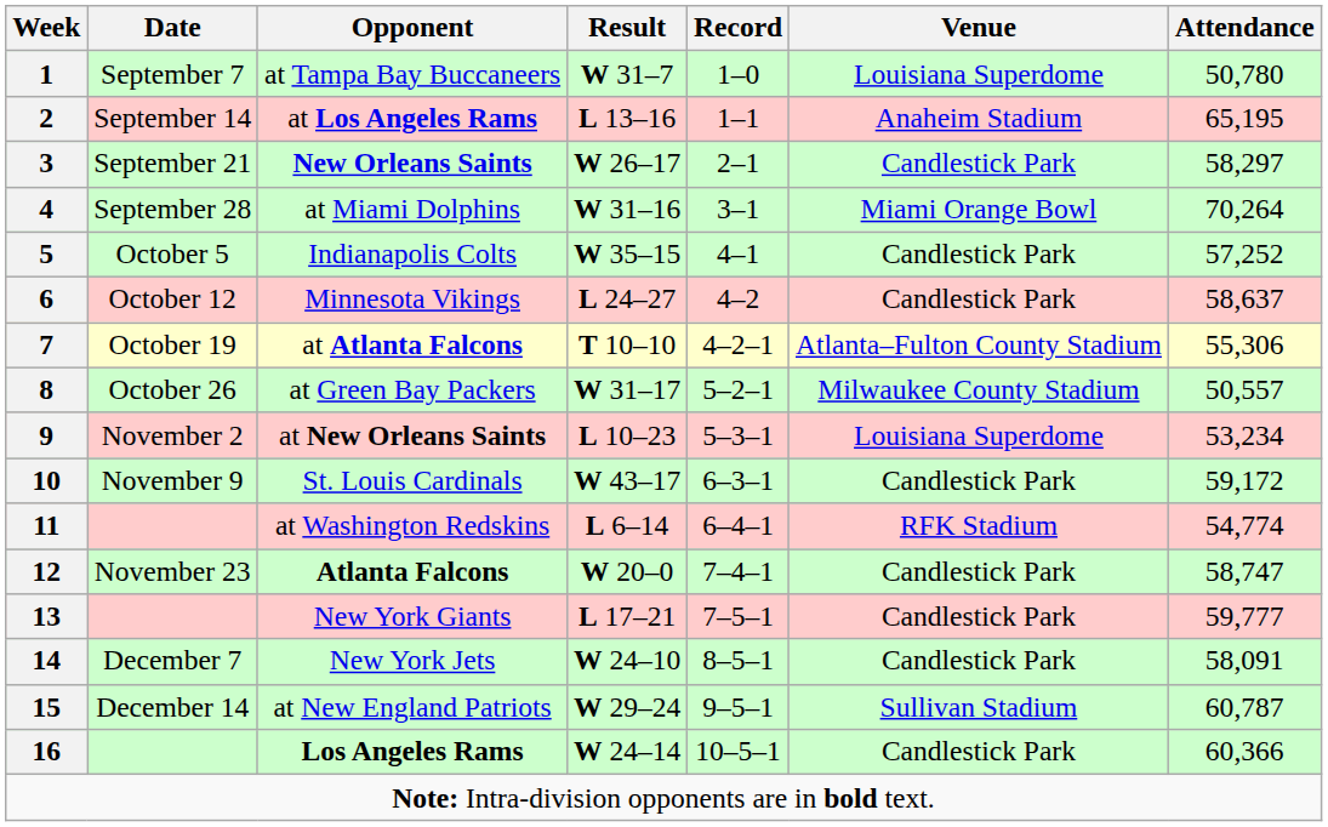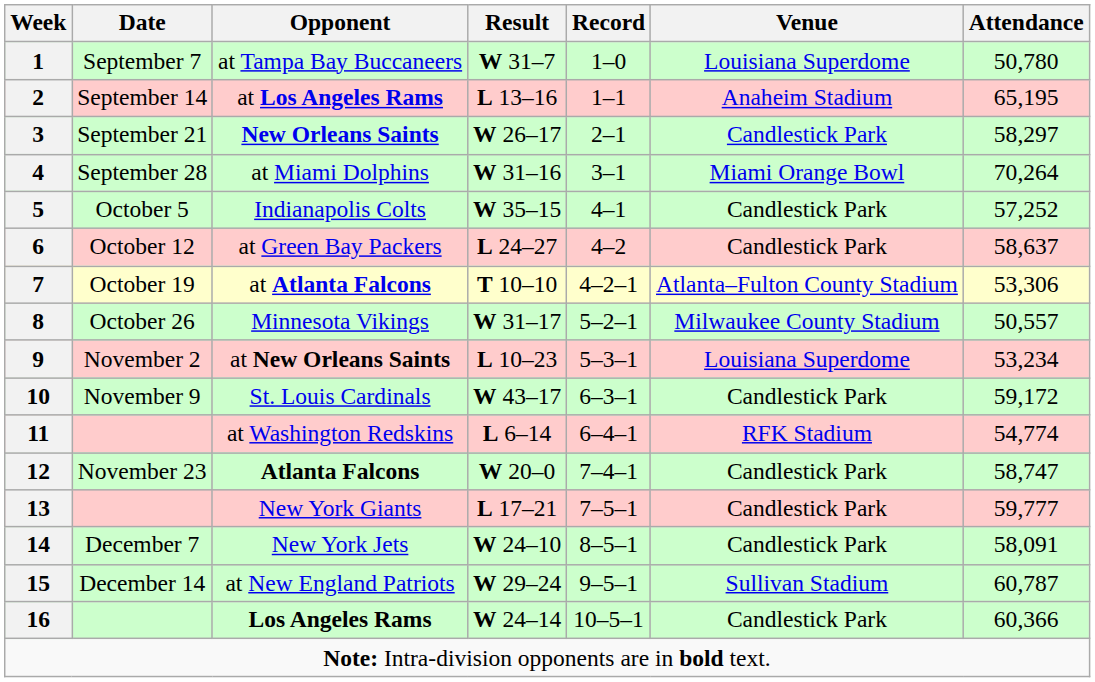 <table class="wikitable" style="text-align:center">
 <tr>
 <th>Week</th>
 <th>Date</th>
 <th>Opponent</th>
 <th>Result</th>
 <th>Record</th>
 <th>Venue</th>
 <th>Attendance</th>
 </tr>
 <tr style="background:#cfc">
 <th>1</th>
 <td>September 7</td>
 <td>at <a href='#'>Tampa Bay Buccaneers</a></td>
 <td><strong>W</strong> 31–7</td>
 <td>1–0</td>
 <td><a href='#'>Louisiana Superdome</a></td>
 <td>50,780</td>
 </tr>
 <tr style="background:#fcc">
 <th>2</th>
 <td>September 14</td>
 <td>at <strong><a href='#'>Los Angeles Rams</a></strong></td>
 <td><strong>L</strong> 13–16</td>
 <td>1–1</td>
 <td><a href='#'>Anaheim Stadium</a></td>
 <td>65,195</td>
 </tr>
 <tr style="background:#cfc">
 <th>3</th>
 <td>September 21</td>
 <td><strong><a href='#'>New Orleans Saints</a></strong></td>
 <td><strong>W</strong> 26–17</td>
 <td>2–1</td>
 <td><a href='#'>Candlestick Park</a></td>
 <td>58,297</td>
 </tr>
 <tr style="background:#cfc">
 <th>4</th>
 <td>September 28</td>
 <td>at <a href='#'>Miami Dolphins</a></td>
 <td><strong>W</strong> 31–16</td>
 <td>3–1</td>
 <td><a href='#'>Miami Orange Bowl</a></td>
 <td>70,264</td>
 </tr>
 <tr style="background:#cfc">
 <th>5</th>
 <td>October 5</td>
 <td><a href='#'>Indianapolis Colts</a></td>
 <td><strong>W</strong> 35–15</td>
 <td>4–1</td>
 <td>Candlestick Park</td>
 <td>57,252</td>
 </tr>
 <tr style="background:#fcc">
 <th>6</th>
 <td>October 12</td>
-<td><a href='#'>Minnesota Vikings</a></td>
+<td>at <a href='#'>Green Bay Packers</a></td>
 <td><strong>L</strong> 24–27 </td>
 <td>4–2</td>
 <td>Candlestick Park</td>
 <td>58,637</td>
 </tr>
 <tr style="background:#ffc">
 <th>7</th>
 <td>October 19</td>
 <td>at <strong><a href='#'>Atlanta Falcons</a></strong></td>
 <td><strong>T</strong> 10–10 </td>
 <td>4–2–1</td>
 <td><a href='#'>Atlanta–Fulton County Stadium</a></td>
-<td>55,306</td>
+<td>53,306</td>
 </tr>
 <tr style="background:#cfc">
 <th>8</th>
 <td>October 26</td>
-<td>at <a href='#'>Green Bay Packers</a></td>
+<td><a href='#'>Minnesota Vikings</a></td>
 <td><strong>W</strong> 31–17</td>
 <td>5–2–1</td>
 <td><a href='#'>Milwaukee County Stadium</a></td>
 <td>50,557</td>
 </tr>
 <tr style="background:#fcc">
 <th>9</th>
 <td>November 2</td>
 <td>at <strong>New Orleans Saints</strong></td>
 <td><strong>L</strong> 10–23</td>
 <td>5–3–1</td>
 <td><a href='#'>Louisiana Superdome</a></td>
 <td>53,234</td>
 </tr>
 <tr style="background:#cfc">
 <th>10</th>
 <td>November 9</td>
 <td><a href='#'>St. Louis Cardinals</a></td>
 <td><strong>W</strong> 43–17</td>
 <td>6–3–1</td>
 <td>Candlestick Park</td>
 <td>59,172</td>
 </tr>
 <tr style="background:#fcc">
 <th>11</th>
 <td></td>
 <td>at <a href='#'>Washington Redskins</a></td>
 <td><strong>L</strong> 6–14</td>
 <td>6–4–1</td>
 <td><a href='#'>RFK Stadium</a></td>
 <td>54,774</td>
 </tr>
 <tr style="background:#cfc">
 <th>12</th>
 <td>November 23</td>
 <td><strong>Atlanta Falcons</strong></td>
 <td><strong>W</strong> 20–0</td>
 <td>7–4–1</td>
 <td>Candlestick Park</td>
 <td>58,747</td>
 </tr>
 <tr style="background:#fcc">
 <th>13</th>
 <td></td>
 <td><a href='#'>New York Giants</a></td>
 <td><strong>L</strong> 17–21</td>
 <td>7–5–1</td>
 <td>Candlestick Park</td>
 <td>59,777</td>
 </tr>
 <tr style="background:#cfc">
 <th>14</th>
 <td>December 7</td>
 <td><a href='#'>New York Jets</a></td>
 <td><strong>W</strong> 24–10</td>
 <td>8–5–1</td>
 <td>Candlestick Park</td>
 <td>58,091</td>
 </tr>
 <tr style="background:#cfc">
 <th>15</th>
 <td>December 14</td>
 <td>at <a href='#'>New England Patriots</a></td>
 <td><strong>W</strong> 29–24</td>
 <td>9–5–1</td>
 <td><a href='#'>Sullivan Stadium</a></td>
 <td>60,787</td>
 </tr>
 <tr style="background:#cfc">
 <th>16</th>
 <td></td>
 <td><strong>Los Angeles Rams</strong></td>
 <td><strong>W</strong> 24–14</td>
 <td>10–5–1</td>
 <td>Candlestick Park</td>
 <td>60,366</td>
 </tr>
 <tr>
 <td colspan="8"><strong>Note:</strong> Intra-division opponents are in <strong>bold</strong> text.</td>
 </tr>
 </table>
